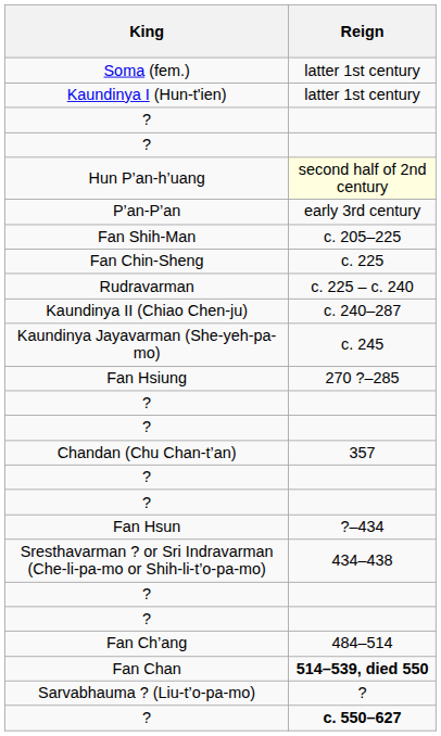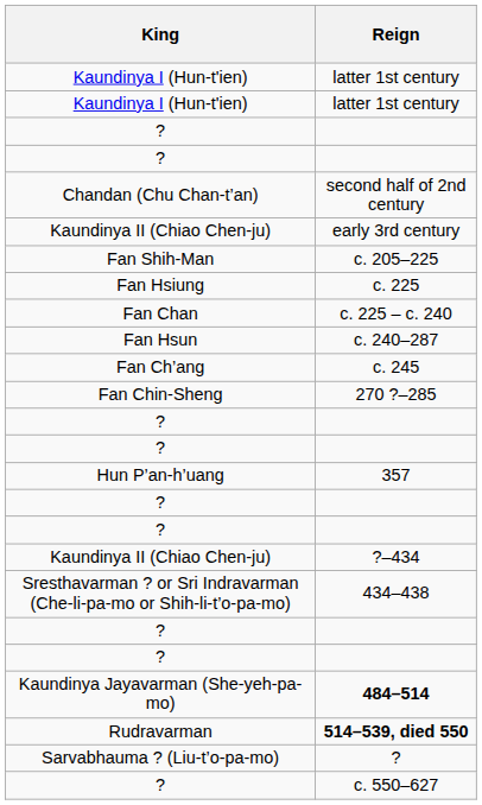 <table class="wikitable" style="text-align:center; width:50%;">
 <tr>
 <th width="25%" height="37">King</th>
 <th width="13%" height="47">Reign</th>
 </tr>
 <tr>
-<td><a href='#'>Soma</a> (fem.)</td>
+<td><a href='#'>Kaundinya I</a> (Hun-t'ien)</td>
 <td align="center">latter 1st century</td>
 </tr>
 <tr>
 <td><a href='#'>Kaundinya I</a> (Hun-t'ien)</td>
 <td align="center">latter 1st century</td>
 </tr>
 <tr>
 <td>?</td>
 <td align="center"></td>
 </tr>
 <tr>
 <td>?</td>
 <td align="center"></td>
 </tr>
 <tr>
-<td>Hun P’an-h’uang</td>
-<td align="center" style="background: lightyellow;">second half of 2nd century</td>
+<td>Chandan (Chu Chan-t’an)</td>
+<td align="center">second half of 2nd century</td>
 </tr>
 <tr>
-<td>P’an-P’an</td>
+<td>Kaundinya II (Chiao Chen-ju)</td>
 <td align="center">early 3rd century</td>
 </tr>
 <tr>
 <td>Fan Shih-Man</td>
 <td align="center">c. 205–225</td>
 </tr>
 <tr>
-<td>Fan Chin-Sheng</td>
+<td>Fan Hsiung</td>
 <td align="center">c. 225</td>
 </tr>
 <tr>
-<td>Rudravarman</td>
+<td>Fan Chan</td>
 <td align="center">c. 225 – c. 240</td>
 </tr>
 <tr>
-<td>Kaundinya II (Chiao Chen-ju)</td>
+<td>Fan Hsun</td>
 <td align="center">c. 240–287</td>
 </tr>
 <tr>
-<td>Kaundinya Jayavarman (She-yeh-pa-mo)</td>
+<td>Fan Ch’ang</td>
 <td align="center">c. 245</td>
 </tr>
 <tr>
-<td>Fan Hsiung</td>
+<td>Fan Chin-Sheng</td>
 <td align="center">270 ?–285</td>
 </tr>
 <tr>
 <td>?</td>
 <td align="center"></td>
 </tr>
 <tr>
 <td>?</td>
 <td align="center"></td>
 </tr>
 <tr>
-<td>Chandan (Chu Chan-t’an)</td>
+<td>Hun P’an-h’uang</td>
 <td align="center">357</td>
 </tr>
 <tr>
 <td>?</td>
 <td align="center"></td>
 </tr>
 <tr>
 <td>?</td>
 <td align="center"></td>
 </tr>
 <tr>
-<td>Fan Hsun</td>
+<td>Kaundinya II (Chiao Chen-ju)</td>
 <td align="center">?–434</td>
 </tr>
 <tr>
 <td>Sresthavarman ? or Sri Indravarman (Che-li-pa-mo or Shih-li-t’o-pa-mo)</td>
 <td align="center">434–438</td>
 </tr>
 <tr>
 <td>?</td>
 <td align="center"></td>
 </tr>
 <tr>
 <td>?</td>
 <td align="center"></td>
 </tr>
 <tr>
-<td>Fan Ch’ang</td>
-<td align="center">484–514</td>
+<td>Kaundinya Jayavarman (She-yeh-pa-mo)</td>
+<td align="center"><strong>484–514</strong></td>
 </tr>
 <tr>
-<td>Fan Chan</td>
+<td>Rudravarman</td>
 <td align="center"><strong>514–539, died 550</strong></td>
 </tr>
 <tr>
 <td>Sarvabhauma ? (Liu-t’o-pa-mo)</td>
 <td align="center">?</td>
 </tr>
 <tr>
 <td>?</td>
-<td align="center"><strong>c. 550–627</strong></td>
+<td align="center">c. 550–627</td>
 </tr>
 </table>
